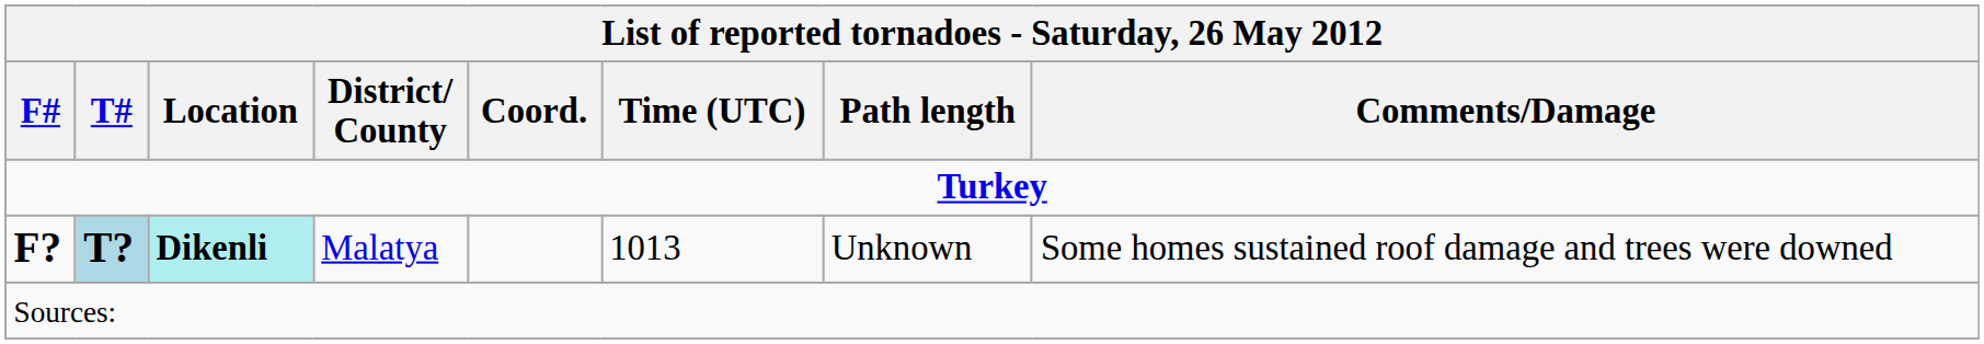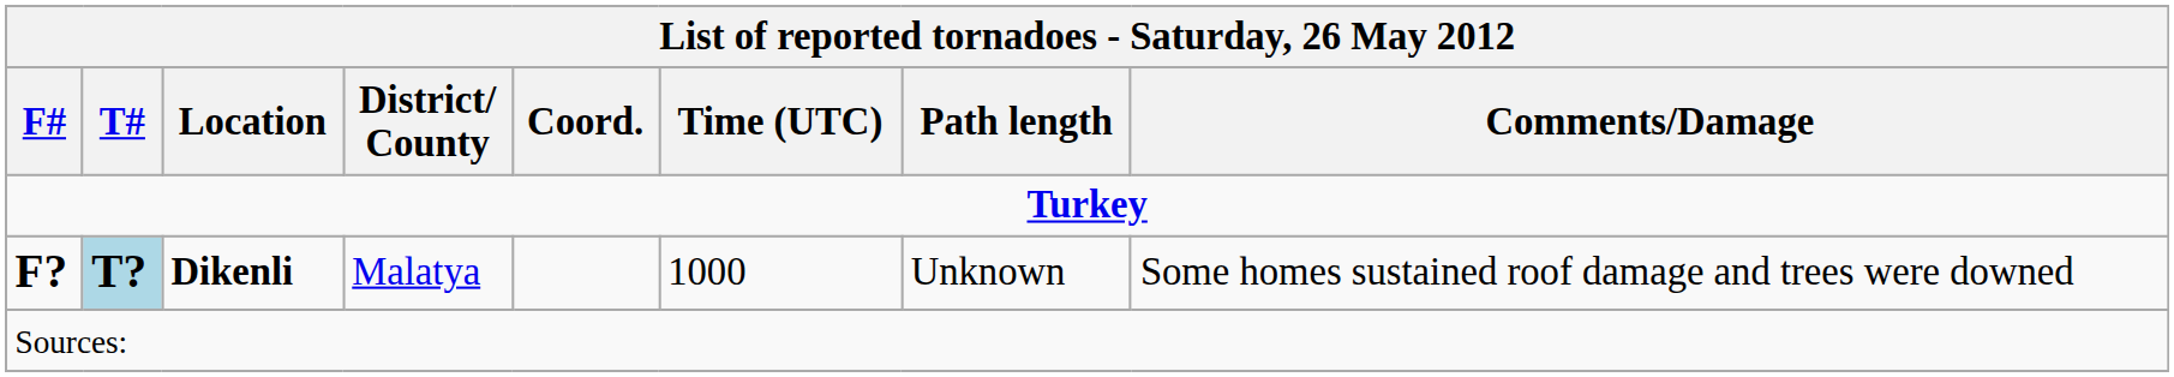 <table class="wikitable collapsible" width="100%">
 <tr>
 <th colspan="8">List of reported tornadoes - Saturday, 26 May 2012</th>
 </tr>
 <tr>
 <th><a href='#'>F#</a></th>
 <th><a href='#'>T#</a></th>
 <th>Location</th>
 <th>District/<br>County</th>
 <th>Coord.</th>
 <th>Time (UTC)</th>
 <th>Path length</th>
 <th>Comments/Damage</th>
 </tr>
 <tr>
 <td colspan="8" align=center><strong><a href='#'>Turkey</a></strong></td>
 </tr>
 <tr>
 <td><big><strong>F?</strong></big></td>
 <td style="background: lightblue;"><big><strong>T?</strong></big></td>
-<td style="background: paleturquoise;"><strong>Dikenli</strong></td>
+<td><strong>Dikenli</strong></td>
 <td><a href='#'>Malatya</a></td>
 <td></td>
-<td>1013</td>
+<td>1000</td>
 <td>Unknown</td>
 <td>Some homes sustained roof damage and trees were downed</td>
 </tr>
 <tr>
 <td colspan="8"><small>Sources:  </small></td>
 </tr>
 </table>
